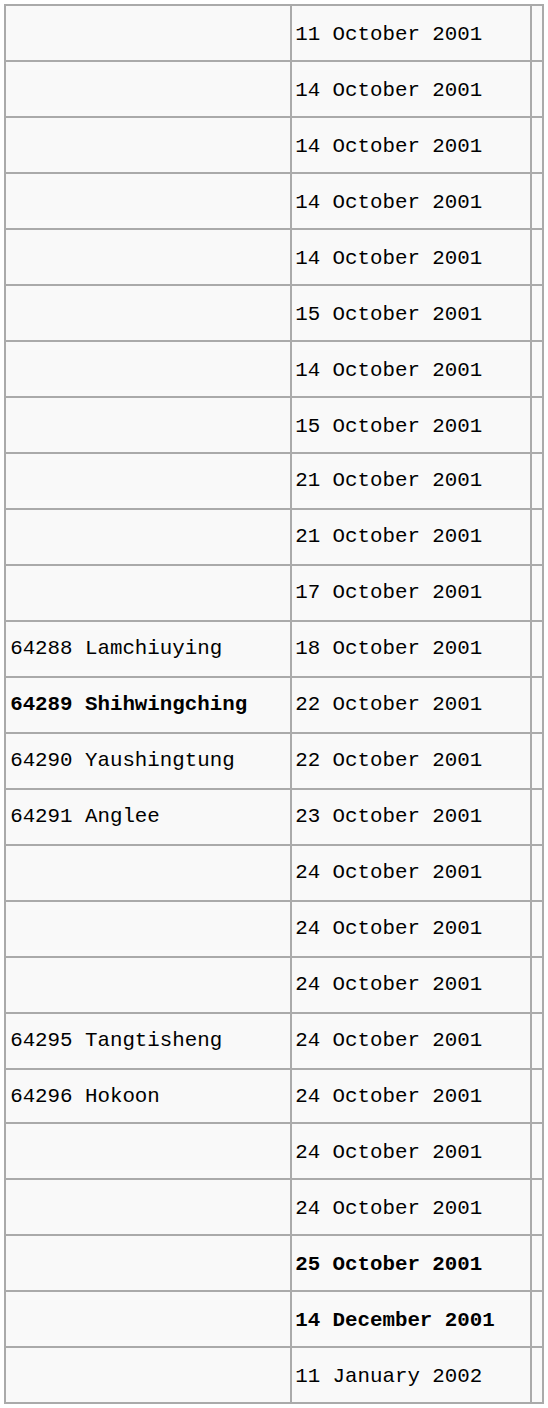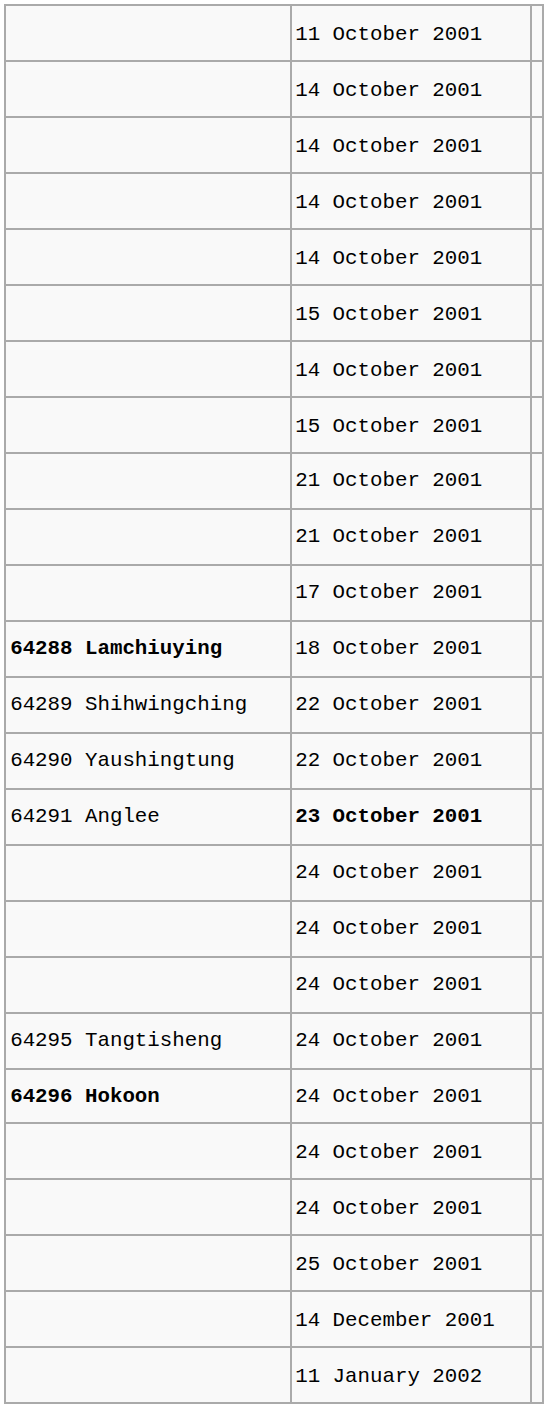 <table class="wikitable" style="font-size: 80%; float: left; width: 26em; margin-right: 1em; height: 700px">
 <tr>
 <td></td>
 <td>11 October 2001</td>
 <td></td>
 </tr>
 <tr>
 <td></td>
 <td>14 October 2001</td>
 <td></td>
 </tr>
 <tr>
 <td></td>
 <td>14 October 2001</td>
 <td></td>
 </tr>
 <tr>
 <td></td>
 <td>14 October 2001</td>
 <td></td>
 </tr>
 <tr>
 <td></td>
 <td>14 October 2001</td>
 <td></td>
 </tr>
 <tr>
 <td></td>
 <td>15 October 2001</td>
 <td></td>
 </tr>
 <tr>
 <td></td>
 <td>14 October 2001</td>
 <td></td>
 </tr>
 <tr>
 <td></td>
 <td>15 October 2001</td>
 <td></td>
 </tr>
 <tr>
 <td></td>
 <td>21 October 2001</td>
 <td></td>
 </tr>
 <tr>
 <td></td>
 <td>21 October 2001</td>
 <td></td>
 </tr>
 <tr>
 <td></td>
 <td>17 October 2001</td>
 <td></td>
 </tr>
 <tr>
-<td>64288 Lamchiuying</td>
+<td><strong>64288 Lamchiuying</strong></td>
 <td>18 October 2001</td>
 <td></td>
 </tr>
 <tr>
-<td><strong>64289 Shihwingching</strong></td>
+<td>64289 Shihwingching</td>
 <td>22 October 2001</td>
 <td></td>
 </tr>
 <tr>
 <td>64290 Yaushingtung</td>
 <td>22 October 2001</td>
 <td></td>
 </tr>
 <tr>
 <td>64291 Anglee</td>
-<td>23 October 2001</td>
+<td><strong>23 October 2001</strong></td>
 <td></td>
 </tr>
 <tr>
 <td></td>
 <td>24 October 2001</td>
 <td></td>
 </tr>
 <tr>
 <td></td>
 <td>24 October 2001</td>
 <td></td>
 </tr>
 <tr>
 <td></td>
 <td>24 October 2001</td>
 <td></td>
 </tr>
 <tr>
 <td>64295 Tangtisheng</td>
 <td>24 October 2001</td>
 <td></td>
 </tr>
 <tr>
-<td>64296 Hokoon</td>
+<td><strong>64296 Hokoon</strong></td>
 <td>24 October 2001</td>
 <td></td>
 </tr>
 <tr>
 <td></td>
 <td>24 October 2001</td>
 <td></td>
 </tr>
 <tr>
 <td></td>
 <td>24 October 2001</td>
 <td></td>
 </tr>
 <tr>
 <td></td>
-<td><strong>25 October 2001</strong></td>
+<td>25 October 2001</td>
 <td></td>
 </tr>
 <tr>
 <td></td>
-<td><strong>14 December 2001</strong></td>
+<td>14 December 2001</td>
 <td></td>
 </tr>
 <tr>
 <td></td>
 <td>11 January 2002</td>
 <td></td>
 </tr>
 </table>
